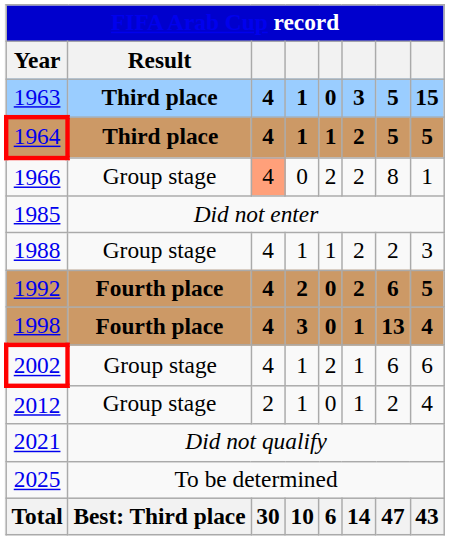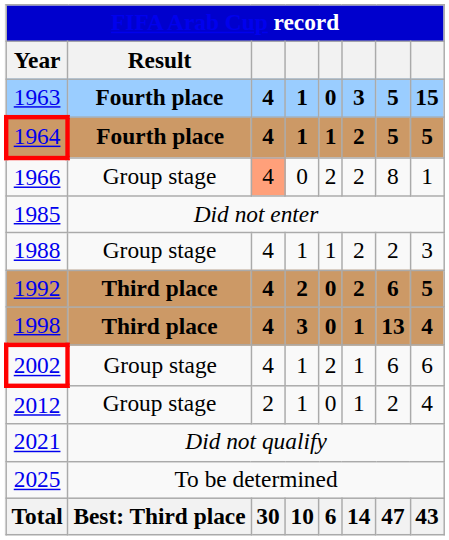 <table class="wikitable" style="text-align: center;">
 <tr>
 <th colspan=8 style="background: #0000CD; color: #FFFFFF;"><a href='#'>FIFA Arab Cup</a> record</th>
 </tr>
 <tr>
 <th>Year</th>
 <th>Result</th>
 <th></th>
 <th></th>
 <th></th>
 <th></th>
 <th></th>
 <th></th>
 </tr>
 <tr style="background:#9acdff;">
 <td> <a href='#'>1963</a></td>
-<td><strong>Third place</strong></td>
+<td><strong>Fourth place</strong></td>
 <td><strong>4</strong></td>
 <td><strong>1</strong></td>
 <td><strong>0</strong></td>
 <td><strong>3</strong></td>
 <td><strong>5</strong></td>
 <td><strong>15</strong></td>
 </tr>
 <tr bgcolor="#cc9966">
 <td style="border: 3px solid red"> <a href='#'>1964</a></td>
-<td><strong>Third place</strong></td>
+<td><strong>Fourth place</strong></td>
 <td><strong>4</strong></td>
 <td><strong>1</strong></td>
 <td><strong>1</strong></td>
 <td><strong>2</strong></td>
 <td><strong>5</strong></td>
 <td><strong>5</strong></td>
 </tr>
 <tr>
 <td> <a href='#'>1966</a></td>
 <td>Group stage</td>
 <td style="background: lightsalmon;">4</td>
 <td>0</td>
 <td>2</td>
 <td>2</td>
 <td>8</td>
 <td>1</td>
 </tr>
 <tr>
 <td> <a href='#'>1985</a></td>
 <td colspan="7"><em>Did not enter</em></td>
 </tr>
 <tr>
 <td> <a href='#'>1988</a></td>
 <td>Group stage</td>
 <td>4</td>
 <td>1</td>
 <td>1</td>
 <td>2</td>
 <td>2</td>
 <td>3</td>
 </tr>
 <tr bgcolor="#cc9966">
 <td> <a href='#'>1992</a></td>
-<td><strong>Fourth place</strong></td>
+<td><strong>Third place</strong></td>
 <td><strong>4</strong></td>
 <td><strong>2</strong></td>
 <td><strong>0</strong></td>
 <td><strong>2</strong></td>
 <td><strong>6</strong></td>
 <td><strong>5</strong></td>
 </tr>
 <tr bgcolor="#cc9966">
 <td> <a href='#'>1998</a></td>
-<td><strong>Fourth place</strong></td>
+<td><strong>Third place</strong></td>
 <td><strong>4</strong></td>
 <td><strong>3</strong></td>
 <td><strong>0</strong></td>
 <td><strong>1</strong></td>
 <td><strong>13</strong></td>
 <td><strong>4</strong></td>
 </tr>
 <tr>
 <td style="border: 3px solid red"> <a href='#'>2002</a></td>
 <td>Group stage</td>
 <td>4</td>
 <td>1</td>
 <td>2</td>
 <td>1</td>
 <td>6</td>
 <td>6</td>
 </tr>
 <tr>
 <td> <a href='#'>2012</a></td>
 <td>Group stage</td>
 <td>2</td>
 <td>1</td>
 <td>0</td>
 <td>1</td>
 <td>2</td>
 <td>4</td>
 </tr>
 <tr>
 <td> <a href='#'>2021</a></td>
 <td colspan=7><em>Did not qualify</em></td>
 </tr>
 <tr>
 <td> <a href='#'>2025</a></td>
 <td colspan="7" rowspan="1">To be determined</td>
 </tr>
 <tr>
 <th>Total</th>
 <th>Best: Third place</th>
 <th>30</th>
 <th>10</th>
 <th>6</th>
 <th>14</th>
 <th>47</th>
 <th>43</th>
 </tr>
 </table>
